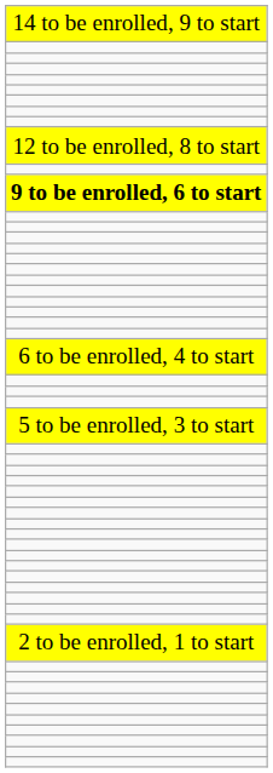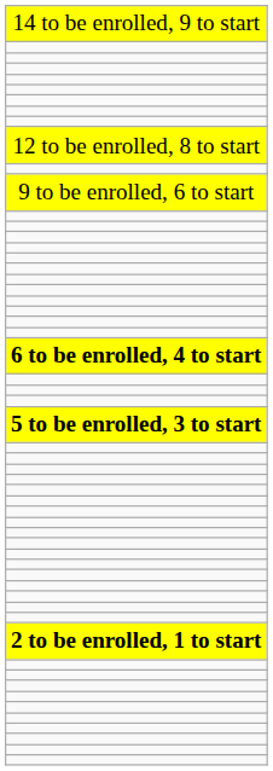 <table class="wikitable">
 <tr>
 <td bgcolor="#ffff00" align=center>14 to be enrolled, 9 to start</td>
 </tr>
 <tr>
 <td></td>
 </tr>
 <tr>
 <td></td>
 </tr>
 <tr>
 <td></td>
 </tr>
 <tr>
 <td></td>
 </tr>
 <tr>
 <td></td>
 </tr>
 <tr>
 <td></td>
 </tr>
 <tr>
 <td></td>
 </tr>
 <tr>
 <td></td>
 </tr>
 <tr>
 <td bgcolor="#ffff00" align=center>12 to be enrolled, 8 to start</td>
 </tr>
 <tr>
 <td></td>
 </tr>
 <tr>
-<td bgcolor="#ffff00" align=center><strong>9 to be enrolled, 6 to start</strong></td>
+<td bgcolor="#ffff00" align=center>9 to be enrolled, 6 to start</td>
 </tr>
 <tr>
 <td></td>
 </tr>
 <tr>
 <td></td>
 </tr>
 <tr>
 <td></td>
 </tr>
 <tr>
 <td></td>
 </tr>
 <tr>
 <td></td>
 </tr>
 <tr>
 <td></td>
 </tr>
 <tr>
 <td></td>
 </tr>
 <tr>
 <td></td>
 </tr>
 <tr>
 <td></td>
 </tr>
 <tr>
 <td></td>
 </tr>
 <tr>
 <td></td>
 </tr>
 <tr>
 <td></td>
 </tr>
 <tr>
-<td bgcolor="#ffff00" align=center>6 to be enrolled, 4 to start</td>
+<td bgcolor="#ffff00" align=center><strong>6 to be enrolled, 4 to start</strong></td>
 </tr>
 <tr>
 <td></td>
 </tr>
 <tr>
 <td></td>
 </tr>
 <tr>
 <td></td>
 </tr>
 <tr>
-<td bgcolor="#ffff00" align=center>5 to be enrolled, 3 to start</td>
+<td bgcolor="#ffff00" align=center><strong>5 to be enrolled, 3 to start</strong></td>
 </tr>
 <tr>
 <td></td>
 </tr>
 <tr>
 <td></td>
 </tr>
 <tr>
 <td></td>
 </tr>
 <tr>
 <td></td>
 </tr>
 <tr>
 <td></td>
 </tr>
 <tr>
 <td></td>
 </tr>
 <tr>
 <td></td>
 </tr>
 <tr>
 <td></td>
 </tr>
 <tr>
 <td></td>
 </tr>
 <tr>
 <td></td>
 </tr>
 <tr>
 <td></td>
 </tr>
 <tr>
 <td></td>
 </tr>
 <tr>
 <td></td>
 </tr>
 <tr>
 <td></td>
 </tr>
 <tr>
 <td></td>
 </tr>
 <tr>
 <td></td>
 </tr>
 <tr>
 <td></td>
 </tr>
 <tr>
-<td bgcolor="#ffff00" align=center>2 to be enrolled, 1 to start</td>
+<td bgcolor="#ffff00" align=center><strong>2 to be enrolled, 1 to start</strong></td>
 </tr>
 <tr>
 <td></td>
 </tr>
 <tr>
 <td></td>
 </tr>
 <tr>
 <td></td>
 </tr>
 <tr>
 <td></td>
 </tr>
 <tr>
 <td></td>
 </tr>
 <tr>
 <td></td>
 </tr>
 <tr>
 <td></td>
 </tr>
 <tr>
 <td></td>
 </tr>
 <tr>
 <td></td>
 </tr>
 <tr>
 <td></td>
 </tr>
 </table>
